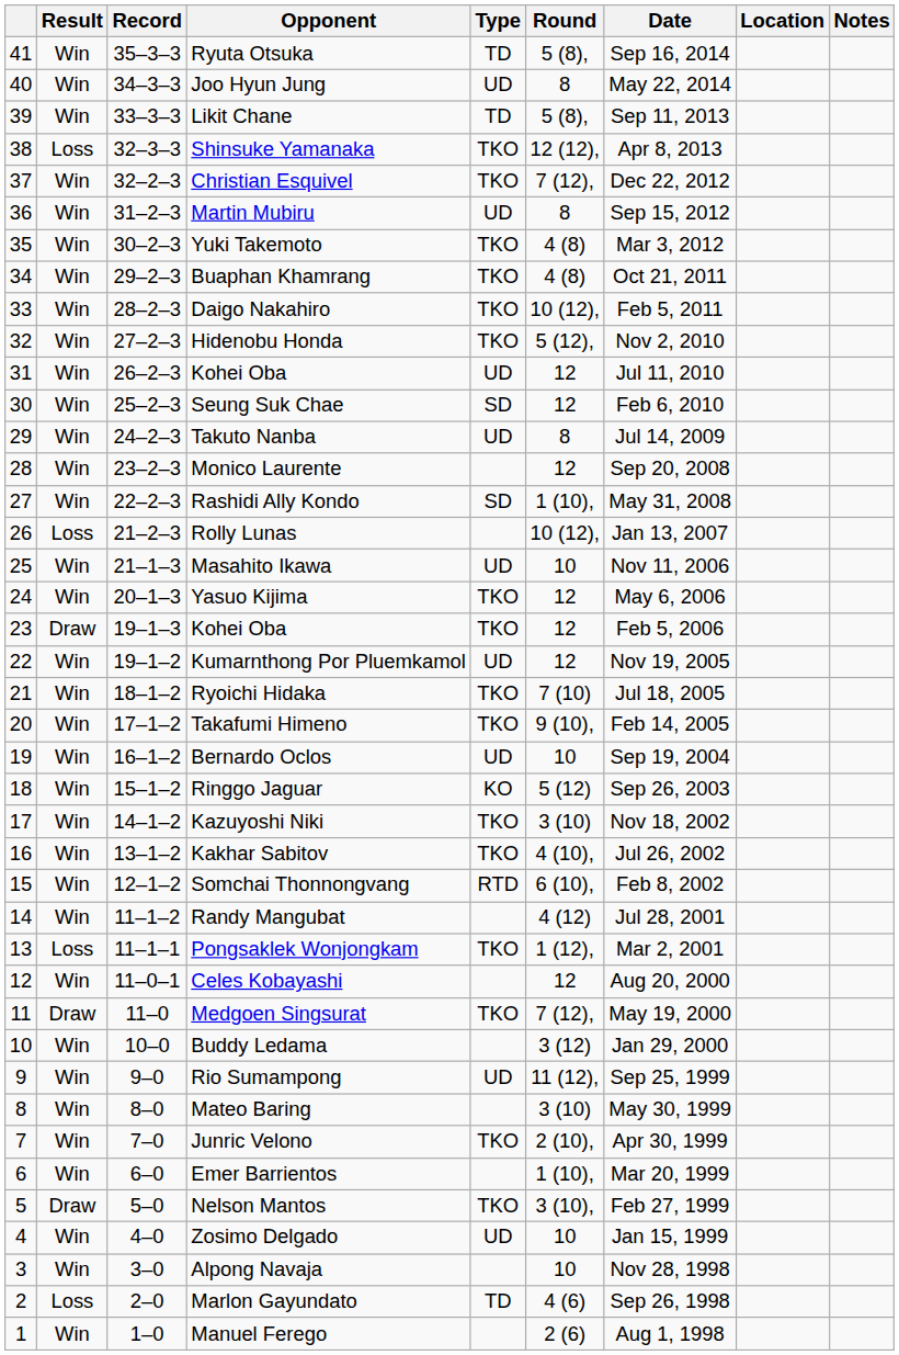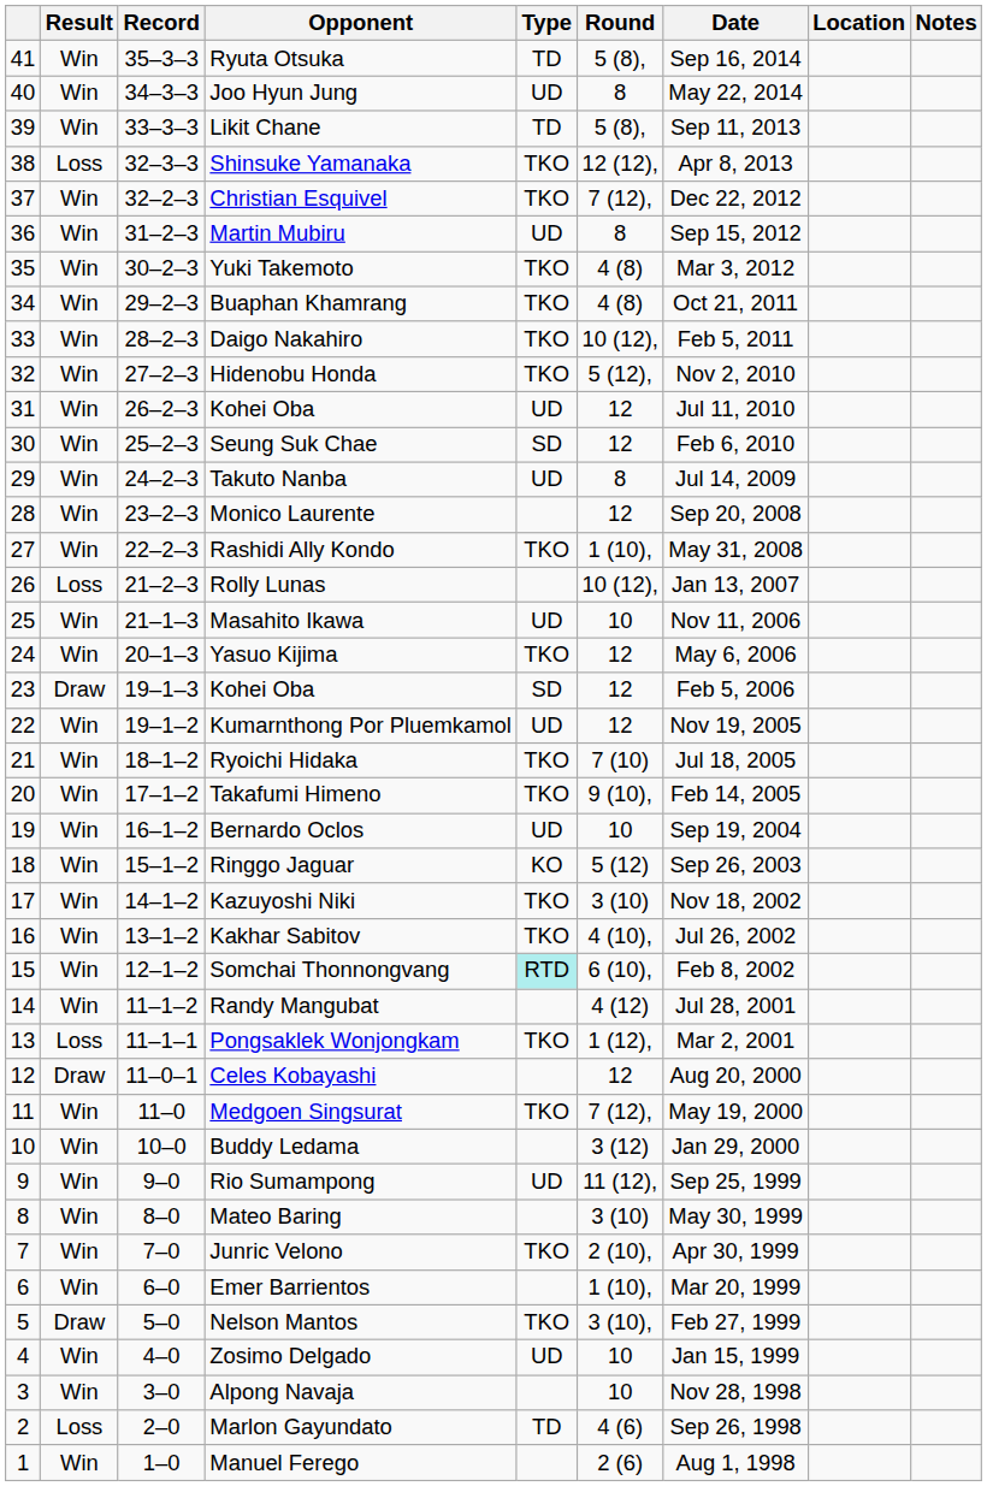 <table class="wikitable" style="text-align:center">
 <tr>
 <th></th>
 <th>Result</th>
 <th>Record</th>
 <th>Opponent</th>
 <th>Type</th>
 <th>Round</th>
 <th>Date</th>
 <th>Location</th>
 <th>Notes</th>
 </tr>
 <tr>
 <td>41</td>
 <td>Win</td>
 <td>35–3–3</td>
 <td align=left>Ryuta Otsuka</td>
 <td>TD</td>
 <td>5 (8), </td>
 <td>Sep 16, 2014</td>
 <td style="text-align:left;"></td>
 <td></td>
 </tr>
 <tr>
 <td>40</td>
 <td>Win</td>
 <td>34–3–3</td>
 <td align=left>Joo Hyun Jung</td>
 <td>UD</td>
 <td>8</td>
 <td>May 22, 2014</td>
 <td style="text-align:left;"></td>
 <td></td>
 </tr>
 <tr>
 <td>39</td>
 <td>Win</td>
 <td>33–3–3</td>
 <td align=left>Likit Chane</td>
 <td>TD</td>
 <td>5 (8), </td>
 <td>Sep 11, 2013</td>
 <td style="text-align:left;"></td>
 <td></td>
 </tr>
 <tr>
 <td>38</td>
 <td>Loss</td>
 <td>32–3–3</td>
 <td align=left><a href='#'>Shinsuke Yamanaka</a></td>
 <td>TKO</td>
 <td>12 (12), </td>
 <td>Apr 8, 2013</td>
 <td style="text-align:left;"></td>
 <td style="text-align:left;"></td>
 </tr>
 <tr>
 <td>37</td>
 <td>Win</td>
 <td>32–2–3</td>
 <td align=left><a href='#'>Christian Esquivel</a></td>
 <td>TKO</td>
 <td>7 (12), </td>
 <td>Dec 22, 2012</td>
 <td style="text-align:left;"></td>
 <td></td>
 </tr>
 <tr>
 <td>36</td>
 <td>Win</td>
 <td>31–2–3</td>
 <td align=left><a href='#'>Martin Mubiru</a></td>
 <td>UD</td>
 <td>8</td>
 <td>Sep 15, 2012</td>
 <td style="text-align:left;"></td>
 <td></td>
 </tr>
 <tr>
 <td>35</td>
 <td>Win</td>
 <td>30–2–3</td>
 <td align=left>Yuki Takemoto</td>
 <td>TKO</td>
 <td>4 (8)</td>
 <td>Mar 3, 2012</td>
 <td style="text-align:left;"></td>
 <td></td>
 </tr>
 <tr>
 <td>34</td>
 <td>Win</td>
 <td>29–2–3</td>
 <td align=left>Buaphan Khamrang</td>
 <td>TKO</td>
 <td>4 (8)</td>
 <td>Oct 21, 2011</td>
 <td style="text-align:left;"></td>
 <td></td>
 </tr>
 <tr>
 <td>33</td>
 <td>Win</td>
 <td>28–2–3</td>
 <td align=left>Daigo Nakahiro</td>
 <td>TKO</td>
 <td>10 (12), </td>
 <td>Feb 5, 2011</td>
 <td style="text-align:left;"></td>
 <td style="text-align:left;"></td>
 </tr>
 <tr>
 <td>32</td>
 <td>Win</td>
 <td>27–2–3</td>
 <td align=left>Hidenobu Honda</td>
 <td>TKO</td>
 <td>5 (12), </td>
 <td>Nov 2, 2010</td>
 <td style="text-align:left;"></td>
 <td style="text-align:left;"></td>
 </tr>
 <tr>
 <td>31</td>
 <td>Win</td>
 <td>26–2–3</td>
 <td align=left>Kohei Oba</td>
 <td>UD</td>
 <td>12</td>
 <td>Jul 11, 2010</td>
 <td style="text-align:left;"></td>
 <td style="text-align:left;"></td>
 </tr>
 <tr>
 <td>30</td>
 <td>Win</td>
 <td>25–2–3</td>
 <td align=left>Seung Suk Chae</td>
 <td>SD</td>
 <td>12</td>
 <td>Feb 6, 2010</td>
 <td style="text-align:left;"></td>
 <td style="text-align:left;"></td>
 </tr>
 <tr>
 <td>29</td>
 <td>Win</td>
 <td>24–2–3</td>
 <td align=left>Takuto Nanba</td>
 <td>UD</td>
 <td>8</td>
 <td>Jul 14, 2009</td>
 <td style="text-align:left;"></td>
 <td></td>
 </tr>
 <tr>
 <td>28</td>
 <td>Win</td>
 <td>23–2–3</td>
 <td align=left>Monico Laurente</td>
 <td></td>
 <td>12</td>
 <td>Sep 20, 2008</td>
 <td style="text-align:left;"></td>
 <td></td>
 </tr>
 <tr>
 <td>27</td>
 <td>Win</td>
 <td>22–2–3</td>
 <td align=left>Rashidi Ally Kondo</td>
-<td>SD</td>
+<td>TKO</td>
 <td>1 (10), </td>
 <td>May 31, 2008</td>
 <td style="text-align:left;"></td>
 <td></td>
 </tr>
 <tr>
 <td>26</td>
 <td>Loss</td>
 <td>21–2–3</td>
 <td align=left>Rolly Lunas</td>
 <td></td>
 <td>10 (12), </td>
 <td>Jan 13, 2007</td>
 <td style="text-align:left;"></td>
 <td style="text-align:left;"></td>
 </tr>
 <tr>
 <td>25</td>
 <td>Win</td>
 <td>21–1–3</td>
 <td align=left>Masahito Ikawa</td>
 <td>UD</td>
 <td>10</td>
 <td>Nov 11, 2006</td>
 <td style="text-align:left;"></td>
 <td></td>
 </tr>
 <tr>
 <td>24</td>
 <td>Win</td>
 <td>20–1–3</td>
 <td align=left>Yasuo Kijima</td>
 <td>TKO</td>
 <td>12</td>
 <td>May 6, 2006</td>
 <td style="text-align:left;"></td>
 <td style="text-align:left;"></td>
 </tr>
 <tr>
 <td>23</td>
 <td>Draw</td>
 <td>19–1–3</td>
 <td align=left>Kohei Oba</td>
-<td>TKO</td>
+<td>SD</td>
 <td>12</td>
 <td>Feb 5, 2006</td>
 <td style="text-align:left;"></td>
 <td style="text-align:left;"></td>
 </tr>
 <tr>
 <td>22</td>
 <td>Win</td>
 <td>19–1–2</td>
 <td align=left>Kumarnthong Por Pluemkamol</td>
 <td>UD</td>
 <td>12</td>
 <td>Nov 19, 2005</td>
 <td style="text-align:left;"></td>
 <td style="text-align:left;"></td>
 </tr>
 <tr>
 <td>21</td>
 <td>Win</td>
 <td>18–1–2</td>
 <td align=left>Ryoichi Hidaka</td>
 <td>TKO</td>
 <td>7 (10)</td>
 <td>Jul 18, 2005</td>
 <td style="text-align:left;"></td>
 <td></td>
 </tr>
 <tr>
 <td>20</td>
 <td>Win</td>
 <td>17–1–2</td>
 <td align=left>Takafumi Himeno</td>
 <td>TKO</td>
 <td>9 (10), </td>
 <td>Feb 14, 2005</td>
 <td style="text-align:left;"></td>
 <td></td>
 </tr>
 <tr>
 <td>19</td>
 <td>Win</td>
 <td>16–1–2</td>
 <td align=left>Bernardo Oclos</td>
 <td>UD</td>
 <td>10</td>
 <td>Sep 19, 2004</td>
 <td style="text-align:left;"></td>
 <td></td>
 </tr>
 <tr>
 <td>18</td>
 <td>Win</td>
 <td>15–1–2</td>
 <td align=left>Ringgo Jaguar</td>
 <td>KO</td>
 <td>5 (12)</td>
 <td>Sep 26, 2003</td>
 <td style="text-align:left;"></td>
 <td style="text-align:left;"></td>
 </tr>
 <tr>
 <td>17</td>
 <td>Win</td>
 <td>14–1–2</td>
 <td align=left>Kazuyoshi Niki</td>
 <td>TKO</td>
 <td>3 (10)</td>
 <td>Nov 18, 2002</td>
 <td style="text-align:left;"></td>
 <td></td>
 </tr>
 <tr>
 <td>16</td>
 <td>Win</td>
 <td>13–1–2</td>
 <td align=left>Kakhar Sabitov</td>
 <td>TKO</td>
 <td>4 (10), </td>
 <td>Jul 26, 2002</td>
 <td style="text-align:left;"></td>
 <td></td>
 </tr>
 <tr>
 <td>15</td>
 <td>Win</td>
 <td>12–1–2</td>
 <td align=left>Somchai Thonnongvang</td>
-<td>RTD</td>
+<td style="background: paleturquoise;">RTD</td>
 <td>6 (10), </td>
 <td>Feb 8, 2002</td>
 <td style="text-align:left;"></td>
 <td></td>
 </tr>
 <tr>
 <td>14</td>
 <td>Win</td>
 <td>11–1–2</td>
 <td align=left>Randy Mangubat</td>
 <td></td>
 <td>4 (12)</td>
 <td>Jul 28, 2001</td>
 <td style="text-align:left;"></td>
 <td style="text-align:left;"></td>
 </tr>
 <tr>
 <td>13</td>
 <td>Loss</td>
 <td>11–1–1</td>
 <td align=left><a href='#'>Pongsaklek Wonjongkam</a></td>
 <td>TKO</td>
 <td>1 (12), </td>
 <td>Mar 2, 2001</td>
 <td style="text-align:left;"></td>
 <td style="text-align:left;"></td>
 </tr>
 <tr>
 <td>12</td>
-<td>Win</td>
+<td>Draw</td>
 <td>11–0–1</td>
 <td align=left><a href='#'>Celes Kobayashi</a></td>
 <td></td>
 <td>12</td>
 <td>Aug 20, 2000</td>
 <td style="text-align:left;"></td>
 <td style="text-align:left;"></td>
 </tr>
 <tr>
 <td>11</td>
-<td>Draw</td>
+<td>Win</td>
 <td>11–0</td>
 <td align=left><a href='#'>Medgoen Singsurat</a></td>
 <td>TKO</td>
 <td>7 (12), </td>
 <td>May 19, 2000</td>
 <td style="text-align:left;"></td>
 <td style="text-align:left;"></td>
 </tr>
 <tr>
 <td>10</td>
 <td>Win</td>
 <td>10–0</td>
 <td align=left>Buddy Ledama</td>
 <td></td>
 <td>3 (12)</td>
 <td>Jan 29, 2000</td>
 <td style="text-align:left;"></td>
 <td></td>
 </tr>
 <tr>
 <td>9</td>
 <td>Win</td>
 <td>9–0</td>
 <td align=left>Rio Sumampong</td>
 <td>UD</td>
 <td>11 (12), </td>
 <td>Sep 25, 1999</td>
 <td style="text-align:left;"></td>
 <td></td>
 </tr>
 <tr>
 <td>8</td>
 <td>Win</td>
 <td>8–0</td>
 <td align=left>Mateo Baring</td>
 <td></td>
 <td>3 (10)</td>
 <td>May 30, 1999</td>
 <td style="text-align:left;"></td>
 <td></td>
 </tr>
 <tr>
 <td>7</td>
 <td>Win</td>
 <td>7–0</td>
 <td align=left>Junric Velono</td>
 <td>TKO</td>
 <td>2 (10), </td>
 <td>Apr 30, 1999</td>
 <td style="text-align:left;"></td>
 <td></td>
 </tr>
 <tr>
 <td>6</td>
 <td>Win</td>
 <td>6–0</td>
 <td align=left>Emer Barrientos</td>
 <td></td>
 <td>1 (10), </td>
 <td>Mar 20, 1999</td>
 <td style="text-align:left;"></td>
 <td></td>
 </tr>
 <tr>
 <td>5</td>
 <td>Draw</td>
 <td>5–0</td>
 <td align=left>Nelson Mantos</td>
 <td>TKO</td>
 <td>3 (10), </td>
 <td>Feb 27, 1999</td>
 <td style="text-align:left;"></td>
 <td></td>
 </tr>
 <tr>
 <td>4</td>
 <td>Win</td>
 <td>4–0</td>
 <td align=left>Zosimo Delgado</td>
 <td>UD</td>
 <td>10</td>
 <td>Jan 15, 1999</td>
 <td style="text-align:left;"></td>
 <td></td>
 </tr>
 <tr>
 <td>3</td>
 <td>Win</td>
 <td>3–0</td>
 <td align=left>Alpong Navaja</td>
 <td></td>
 <td>10</td>
 <td>Nov 28, 1998</td>
 <td style="text-align:left;"></td>
 <td></td>
 </tr>
 <tr>
 <td>2</td>
 <td>Loss</td>
 <td>2–0</td>
 <td align=left>Marlon Gayundato</td>
 <td>TD</td>
 <td>4 (6)</td>
 <td>Sep 26, 1998</td>
 <td style="text-align:left;"></td>
 <td></td>
 </tr>
 <tr>
 <td>1</td>
 <td>Win</td>
 <td>1–0</td>
 <td align=left>Manuel Ferego</td>
 <td></td>
 <td>2 (6)</td>
 <td>Aug 1, 1998</td>
 <td style="text-align:left;"></td>
 <td></td>
 </tr>
 </table>
